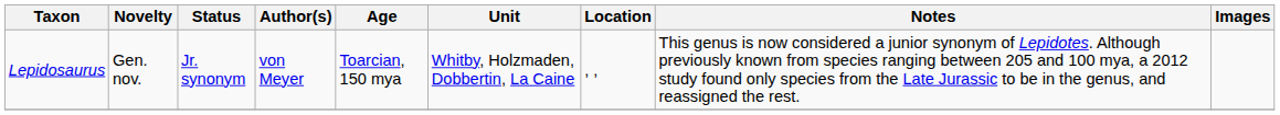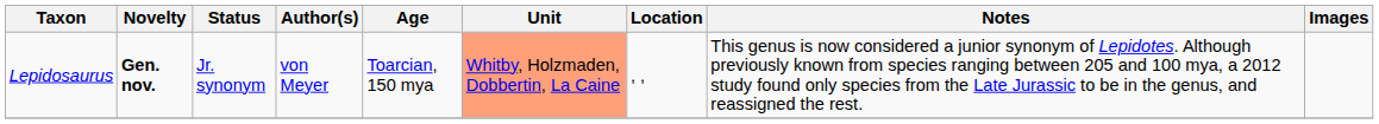 <table class="wikitable sortable" align="center" width="100%">
 <tr>
 <th>Taxon</th>
 <th>Novelty</th>
 <th>Status</th>
 <th>Author(s)</th>
 <th>Age</th>
 <th>Unit</th>
 <th>Location</th>
 <th>Notes</th>
 <th>Images</th>
 </tr>
 <tr>
 <td><em><a href='#'>Lepidosaurus</a></em></td>
-<td>Gen. nov.</td>
+<td><strong>Gen. nov.</strong></td>
 <td><a href='#'>Jr. synonym</a></td>
 <td><a href='#'>von Meyer</a></td>
 <td><a href='#'>Toarcian</a>, 150 mya</td>
-<td><a href='#'>Whitby</a>, Holzmaden, <a href='#'>Dobbertin</a>, <a href='#'>La Caine</a></td>
+<td style="background: lightsalmon;"><a href='#'>Whitby</a>, Holzmaden, <a href='#'>Dobbertin</a>, <a href='#'>La Caine</a></td>
 <td>, , </td>
 <td>This genus is now considered a junior synonym of <em><a href='#'>Lepidotes</a></em>. Although previously known from species ranging between 205 and 100 mya, a 2012 study found only species from the <a href='#'>Late Jurassic</a> to be in the genus, and reassigned the rest.</td>
 <td></td>
 </tr>
 <tr>
 </tr>
 </table>
